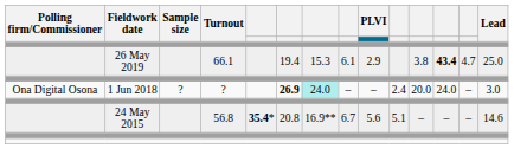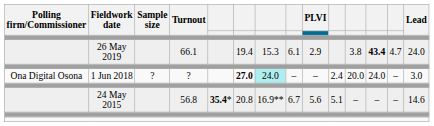 <table class="wikitable collapsible collapsed" style="text-align:center; font-size:95%; line-height:16px;">
 <tr style="height:42px;">
 <th style="width:250px;" rowspan="2">Polling firm/Commissioner</th>
 <th style="width:125px;" rowspan="2">Fieldwork date</th>
 <th style="width:50px;" rowspan="2">Sample size</th>
 <th style="width:45px;" rowspan="2">Turnout</th>
 <th style="width:35px;"></th>
 <th style="width:35px;"></th>
 <th style="width:35px;"></th>
 <th style="width:35px;"></th>
 <th style="width:35px;">PLVI</th>
 <th style="width:35px;"></th>
 <th style="width:35px;"></th>
 <th style="width:35px;"></th>
 <th style="width:35px;"></th>
 <th style="width:30px;" rowspan="2">Lead</th>
 </tr>
 <tr>
 <th style="color:inherit;background:"></th>
 <th style="color:inherit;background:"></th>
 <th style="color:inherit;background:"></th>
 <th style="color:inherit;background:"></th>
 <th style="color:inherit;background:#006C92;"></th>
 <th style="color:inherit;background:"></th>
 <th style="color:inherit;background:"></th>
 <th style="color:inherit;background:"></th>
 <th style="color:inherit;background:"></th>
 </tr>
 <tr>
 <td colspan="14" style="background:#A0A0A0"></td>
 </tr>
 <tr style="background:#EFEFEF;">
 <td><strong></strong></td>
 <td>26 May 2019</td>
 <td></td>
 <td>66.1</td>
 <td></td>
 <td>19.4<br></td>
 <td>15.3<br></td>
 <td>6.1<br></td>
 <td>2.9<br></td>
 <td></td>
 <td>3.8<br></td>
 <td><strong>43.4</strong><br></td>
 <td>4.7<br></td>
-<td style="background:">25.0</td>
+<td style="background:">24.0</td>
 </tr>
 <tr>
 <td colspan="14" style="background:#A0A0A0"></td>
 </tr>
 <tr>
 <td>Ona Digital Osona</td>
 <td>1 Jun 2018</td>
 <td>?</td>
 <td>?</td>
 <td></td>
-<td><strong>26.9</strong></td>
+<td><strong>27.0</strong></td>
 <td style="background: paleturquoise;">24.0</td>
 <td>–</td>
 <td>–</td>
 <td>2.4</td>
 <td>20.0</td>
 <td>24.0</td>
 <td>–</td>
 <td style="background:">3.0</td>
 </tr>
 <tr>
 <td colspan="14" style="background:#A0A0A0"></td>
 </tr>
 <tr style="background:#EFEFEF;">
 <td><strong></strong></td>
 <td>24 May 2015</td>
 <td></td>
 <td>56.8</td>
 <td><strong>35.4</strong>*<br></td>
 <td>20.8<br></td>
 <td>16.9**<br></td>
 <td>6.7<br></td>
 <td>5.6<br></td>
 <td>5.1<br></td>
 <td>–</td>
 <td>–</td>
 <td>–</td>
 <td style="background:">14.6</td>
 </tr>
 <tr>
 <td colspan="14" style="background:#A0A0A0"></td>
 </tr>
 <tr>
 <td align="left" colspan="14"></td>
 </tr>
 </table>
